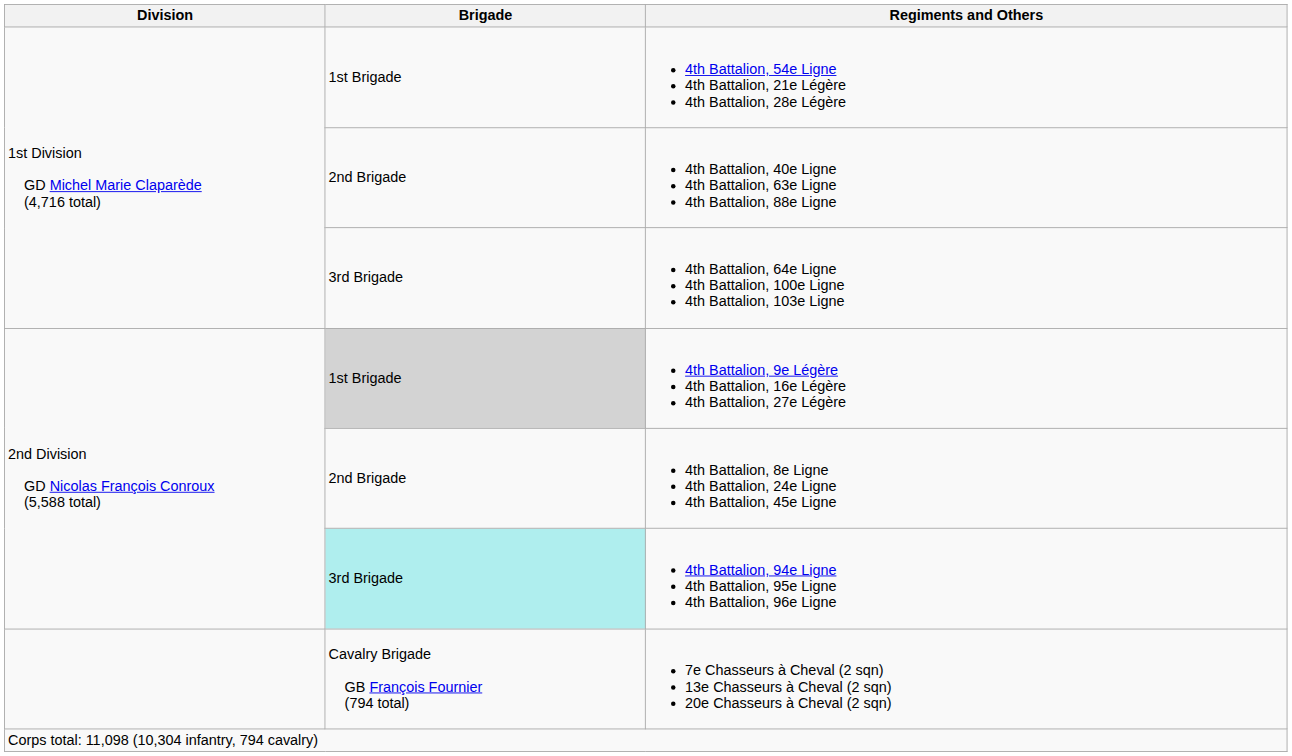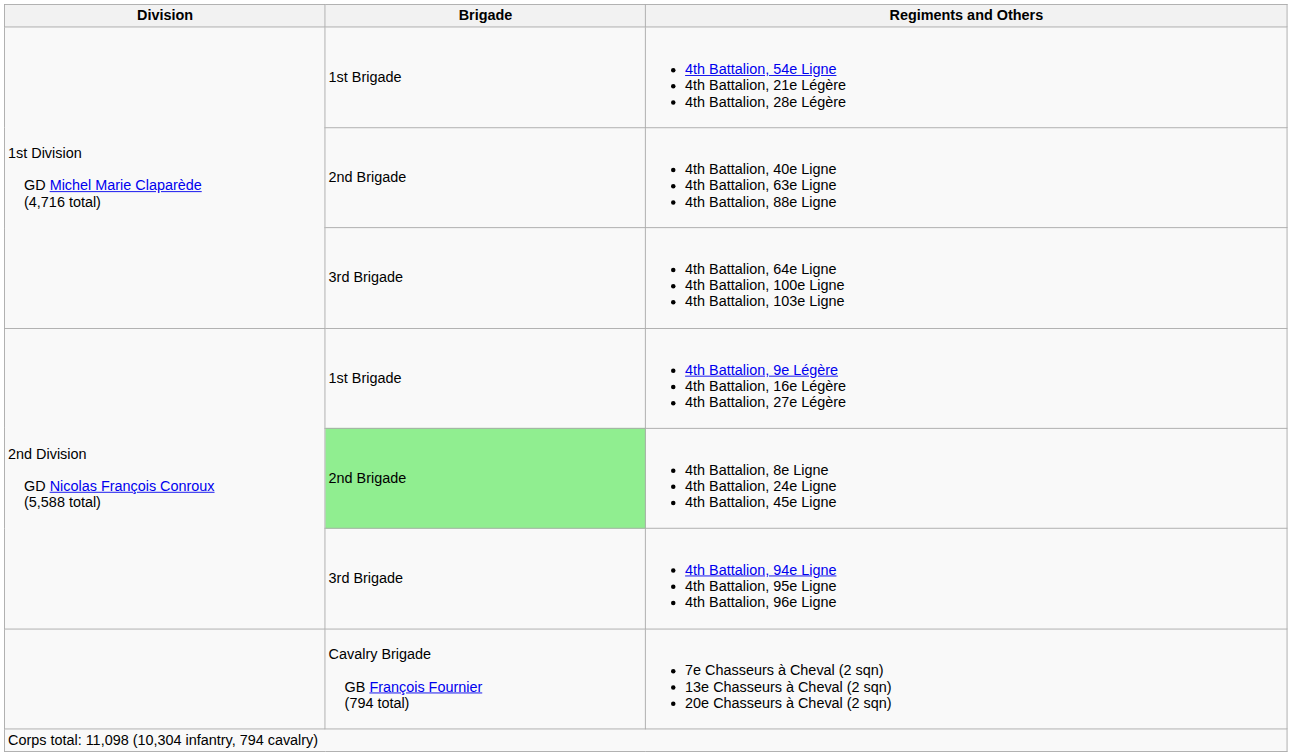 <table class="wikitable" width="90%" style="margin: 1em auto 1em auto">
 <tr>
 <th style="width:25%;">Division</th>
 <th style="width:25%;">Brigade</th>
 <th>Regiments and Others</th>
 </tr>
 <tr>
 <td rowspan=3>1st Division<br><br>    GD <a href='#'>Michel Marie Claparède</a> <br>    (4,716 total)</td>
 <td>1st Brigade</td>
 <td><br><ul><li><a href='#'>4th Battalion, 54e Ligne</a></li><li>4th Battalion, 21e Légère</li><li>4th Battalion, 28e Légère</li></ul></td>
 </tr>
 <tr>
 <td>2nd Brigade</td>
 <td><br><ul><li>4th Battalion, 40e Ligne</li><li>4th Battalion, 63e Ligne</li><li>4th Battalion, 88e Ligne</li></ul></td>
 </tr>
 <tr>
 <td>3rd Brigade</td>
 <td><br><ul><li>4th Battalion, 64e Ligne</li><li>4th Battalion, 100e Ligne</li><li>4th Battalion, 103e Ligne</li></ul></td>
 </tr>
 <tr>
 <td rowspan=3>2nd Division<br><br>    GD <a href='#'>Nicolas François Conroux</a> <br>    (5,588 total)</td>
-<td style="background: lightgrey;">1st Brigade</td>
+<td>1st Brigade</td>
 <td><br><ul><li><a href='#'>4th Battalion, 9e Légère</a></li><li>4th Battalion, 16e Légère</li><li>4th Battalion, 27e Légère</li></ul></td>
 </tr>
 <tr>
-<td>2nd Brigade</td>
+<td style="background: lightgreen;">2nd Brigade</td>
 <td><br><ul><li>4th Battalion, 8e Ligne</li><li>4th Battalion, 24e Ligne</li><li>4th Battalion, 45e Ligne</li></ul></td>
 </tr>
 <tr>
-<td style="background: paleturquoise;">3rd Brigade</td>
+<td>3rd Brigade</td>
 <td><br><ul><li><a href='#'>4th Battalion, 94e Ligne</a></li><li>4th Battalion, 95e Ligne</li><li>4th Battalion, 96e Ligne</li></ul></td>
 </tr>
 <tr>
 <td></td>
 <td>Cavalry Brigade<br><br>    GB <a href='#'>François Fournier</a> <br>    (794 total)</td>
 <td><br><ul><li>7e Chasseurs à Cheval (2 sqn)</li><li>13e Chasseurs à Cheval (2 sqn)</li><li>20e Chasseurs à Cheval (2 sqn)</li></ul></td>
 </tr>
 <tr>
 <td colspan=3>Corps total: 11,098 (10,304 infantry, 794 cavalry)</td>
 </tr>
 </table>
